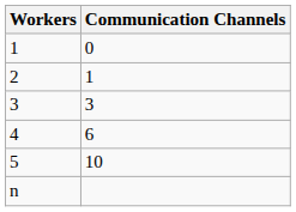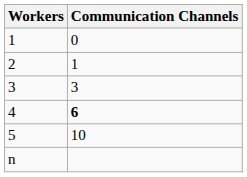 <table class="wikitable">
 <tr>
 <th>Workers</th>
 <th>Communication Channels</th>
 </tr>
 <tr>
 <td>1</td>
 <td>0</td>
 </tr>
 <tr>
 <td>2</td>
 <td>1</td>
 </tr>
 <tr>
 <td>3</td>
 <td>3</td>
 </tr>
 <tr>
 <td>4</td>
-<td>6</td>
+<td><strong>6</strong></td>
 </tr>
 <tr>
 <td>5</td>
 <td>10</td>
 </tr>
 <tr>
 <td>n</td>
 <td></td>
 </tr>
 </table>
